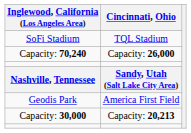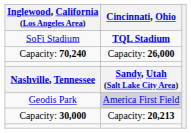 <table class="wikitable" style="text-align:center; margin-left:auto; margin-right:auto; border:none;">
 <tr>
 <th><a href='#'>Inglewood</a>, <a href='#'>California</a><br><small>(<a href='#'>Los Angeles Area</a>)</small></th>
 <th><a href='#'>Cincinnati</a>, <a href='#'>Ohio</a></th>
 <th rowspan="8"></th>
 </tr>
 <tr>
 <td><a href='#'>SoFi Stadium</a></td>
-<td><a href='#'>TQL Stadium</a></td>
+<td><strong><a href='#'>TQL Stadium</a></strong></td>
 </tr>
 <tr>
 <td>Capacity: <strong>70,240</strong></td>
 <td>Capacity: <strong>26,000</strong></td>
 </tr>
 <tr>
 <td></td>
 <td></td>
 </tr>
 <tr>
 <th><a href='#'>Nashville</a>, <a href='#'>Tennessee</a></th>
 <th><a href='#'>Sandy</a>, <a href='#'>Utah</a><br><small>(<a href='#'>Salt Lake City Area</a>)</small></th>
 </tr>
 <tr>
 <td><a href='#'>Geodis Park</a></td>
-<td><a href='#'>America First Field</a></td>
+<td style="background: lightgrey;"><a href='#'>America First Field</a></td>
 </tr>
 <tr>
 <td>Capacity: <strong>30,000</strong></td>
 <td>Capacity: <strong>20,213</strong></td>
 </tr>
 <tr>
 <td></td>
 <td></td>
 </tr>
 </table>
